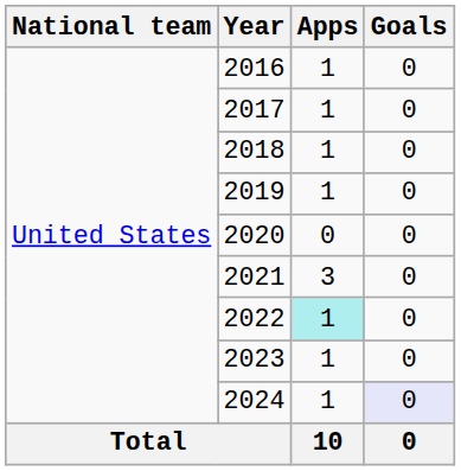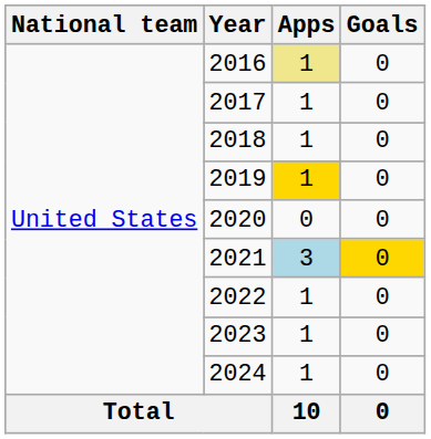 <table class="wikitable" style="text-align:center">
 <tr>
 <th>National team</th>
 <th>Year</th>
 <th>Apps</th>
 <th>Goals</th>
 </tr>
 <tr>
 <td rowspan="9"><a href='#'>United States</a></td>
 <td>2016</td>
-<td>1</td>
+<td style="background: khaki;">1</td>
 <td>0</td>
 </tr>
 <tr>
 <td>2017</td>
 <td>1</td>
 <td>0</td>
 </tr>
 <tr>
 <td>2018</td>
 <td>1</td>
 <td>0</td>
 </tr>
 <tr>
 <td>2019</td>
-<td>1</td>
+<td style="background: gold;">1</td>
 <td>0</td>
 </tr>
 <tr>
 <td>2020</td>
 <td>0</td>
 <td>0</td>
 </tr>
 <tr>
 <td>2021</td>
-<td>3</td>
-<td>0</td>
+<td style="background: lightblue;">3</td>
+<td style="background: gold;">0</td>
 </tr>
 <tr>
 <td>2022</td>
-<td style="background: paleturquoise;">1</td>
+<td>1</td>
 <td>0</td>
 </tr>
 <tr>
 <td>2023</td>
 <td>1</td>
 <td>0</td>
 </tr>
 <tr>
 <td>2024</td>
 <td>1</td>
-<td style="background: lavender;">0</td>
+<td>0</td>
 </tr>
 <tr>
 <th colspan="2">Total</th>
 <th>10</th>
 <th>0</th>
 </tr>
 </table>
